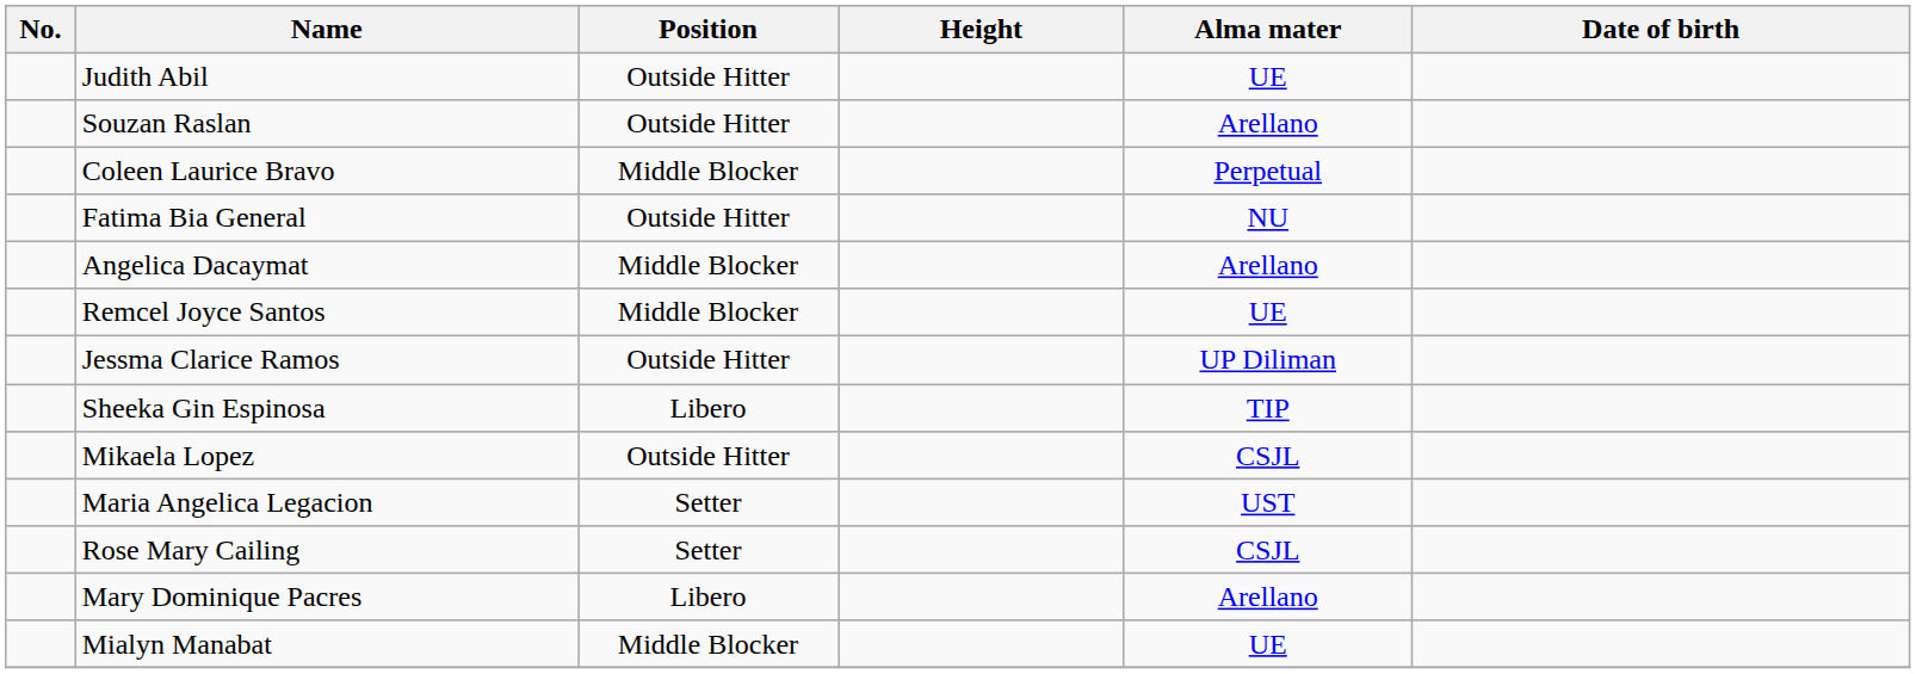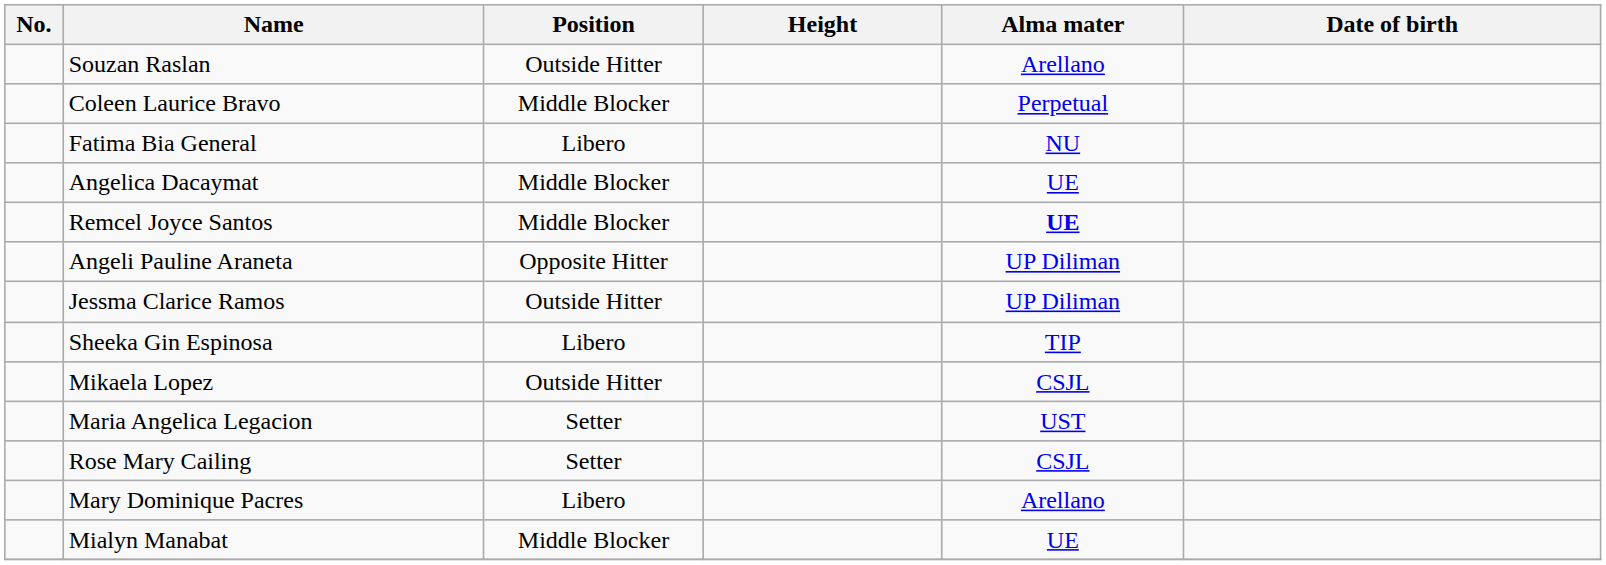 <table class="wikitable sortable" style="font-size:95%; text-align:center; width:80%;">
 <tr>
 <th style="width:2em;">No.</th>
 <th style="width:18em;">Name</th>
 <th style="width:9em;">Position</th>
 <th style="width:10em;">Height</th>
 <th style="width:10em;">Alma mater</th>
 <th style="width:18em;">Date of birth</th>
-</tr>
-<tr>
-<td></td>
-<td align=left> Judith Abil</td>
-<td>Outside Hitter</td>
-<td></td>
-<td><a href='#'>UE</a></td>
-<td align=right></td>
 </tr>
 <tr>
 <td></td>
 <td align=left> Souzan Raslan</td>
 <td>Outside Hitter</td>
 <td></td>
 <td><a href='#'>Arellano</a></td>
 <td align=right></td>
 </tr>
 <tr>
 <td></td>
 <td align=left> Coleen Laurice Bravo</td>
 <td>Middle Blocker</td>
 <td></td>
 <td><a href='#'>Perpetual</a></td>
 <td align=right></td>
 </tr>
 <tr>
 <td></td>
 <td align=left> Fatima Bia General</td>
-<td>Outside Hitter</td>
+<td>Libero</td>
 <td></td>
 <td><a href='#'>NU</a></td>
 <td align=right></td>
 </tr>
 <tr>
 <td></td>
 <td align=left> Angelica Dacaymat</td>
 <td>Middle Blocker</td>
 <td></td>
-<td><a href='#'>Arellano</a></td>
+<td><a href='#'>UE</a></td>
 <td></td>
 </tr>
 <tr>
 <td></td>
 <td align=left> Remcel Joyce Santos</td>
 <td>Middle Blocker</td>
 <td></td>
-<td><a href='#'>UE</a></td>
+<td><strong><a href='#'>UE</a></strong></td>
+<td align=right></td>
+</tr>
+<tr>
+<td></td>
+<td align=left> Angeli Pauline Araneta</td>
+<td>Opposite Hitter</td>
+<td></td>
+<td><a href='#'>UP Diliman</a></td>
 <td align=right></td>
 </tr>
 <tr>
 <td></td>
 <td align=left> Jessma Clarice Ramos</td>
 <td>Outside Hitter</td>
 <td></td>
 <td><a href='#'>UP Diliman</a></td>
 <td align=right></td>
 </tr>
 <tr>
 <td></td>
 <td align=left> Sheeka Gin Espinosa</td>
 <td>Libero</td>
 <td></td>
 <td><a href='#'>TIP</a></td>
 <td align=right></td>
 </tr>
 <tr>
 <td></td>
 <td align=left> Mikaela Lopez</td>
 <td>Outside Hitter</td>
 <td></td>
 <td><a href='#'>CSJL</a></td>
 <td align=right></td>
 </tr>
 <tr>
 <td></td>
 <td align=left> Maria Angelica Legacion</td>
 <td>Setter</td>
 <td></td>
 <td><a href='#'>UST</a></td>
 <td align=right></td>
 </tr>
 <tr>
 <td></td>
 <td align=left> Rose Mary Cailing</td>
 <td>Setter</td>
 <td></td>
 <td><a href='#'>CSJL</a></td>
 <td align=right></td>
 </tr>
 <tr>
 <td></td>
 <td align=left> Mary Dominique Pacres</td>
 <td>Libero</td>
 <td></td>
 <td><a href='#'>Arellano</a></td>
 <td align=right></td>
 </tr>
 <tr>
 <td></td>
 <td align=left> Mialyn Manabat</td>
 <td>Middle Blocker</td>
 <td></td>
 <td><a href='#'>UE</a></td>
 <td align=right></td>
 </tr>
 <tr>
 </tr>
 </table>
